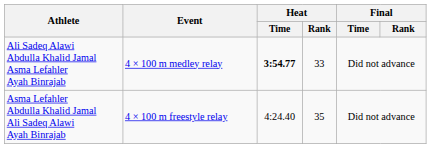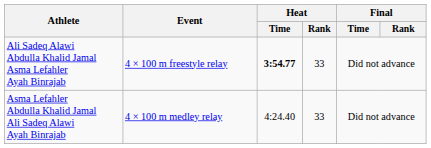 <table class="wikitable" style="text-align:center; font-size:90%; width:30%;">
 <tr>
 <th rowspan="2">Athlete</th>
 <th rowspan="2">Event</th>
 <th colspan="2">Heat</th>
 <th colspan="2">Final</th>
 </tr>
 <tr style="font-size:95%">
 <th>Time</th>
 <th>Rank</th>
 <th>Time</th>
 <th>Rank</th>
 </tr>
 <tr>
 <td align=left><a href='#'>Ali Sadeq Alawi</a><br><a href='#'>Abdulla Khalid Jamal</a> <br><a href='#'>Asma Lefahler</a> <br><a href='#'>Ayah Binrajab</a></td>
-<td align=left><a href='#'>4 × 100 m medley relay</a></td>
+<td align=left><a href='#'>4 × 100 m freestyle relay</a></td>
 <td><strong>3:54.77</strong></td>
 <td>33</td>
 <td colspan=2>Did not advance</td>
 </tr>
 <tr>
 <td align=left><a href='#'>Asma Lefahler</a> <br><a href='#'>Abdulla Khalid Jamal</a> <br><a href='#'>Ali Sadeq Alawi</a>  <br><a href='#'>Ayah Binrajab</a></td>
-<td align=left><a href='#'>4 × 100 m freestyle relay</a></td>
+<td align=left><a href='#'>4 × 100 m medley relay</a></td>
 <td>4:24.40</td>
-<td>35</td>
+<td>33</td>
 <td colspan="2">Did not advance</td>
 </tr>
 </table>
